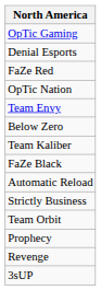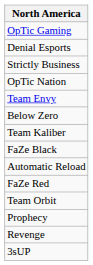 <table class="wikitable" style="display: inline-table; margin-left: 20px;">
 <tr>
 <th>North America</th>
 </tr>
 <tr>
 <td><a href='#'>OpTic Gaming</a></td>
 </tr>
 <tr>
 <td>Denial Esports</td>
 </tr>
 <tr>
-<td>FaZe Red</td>
+<td>Strictly Business</td>
 </tr>
 <tr>
 <td>OpTic Nation</td>
 </tr>
 <tr>
 <td><a href='#'>Team Envy</a></td>
 </tr>
 <tr>
 <td>Below Zero</td>
 </tr>
 <tr>
 <td>Team Kaliber</td>
 </tr>
 <tr>
 <td>FaZe Black</td>
 </tr>
 <tr>
 <td>Automatic Reload</td>
 </tr>
 <tr>
-<td>Strictly Business</td>
+<td>FaZe Red</td>
 </tr>
 <tr>
 <td>Team Orbit</td>
 </tr>
 <tr>
 <td>Prophecy</td>
 </tr>
 <tr>
 <td>Revenge</td>
 </tr>
 <tr>
 <td>3sUP</td>
 </tr>
 </table>
